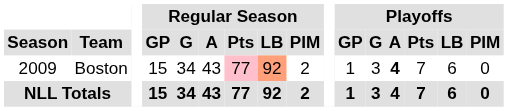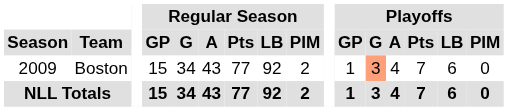 <table BORDER="0" CELLPADDING="3" CELLSPACING="0">
 <tr ALIGN="center" bgcolor="#e0e0e0">
 <th colspan="2" bgcolor="#ffffff"> </th>
 <th rowspan="99" bgcolor="#ffffff"> </th>
 <th colspan="6">Regular Season</th>
 <th rowspan="99" bgcolor="#ffffff"> </th>
 <th colspan="6">Playoffs</th>
 </tr>
 <tr ALIGN="center" bgcolor="#e0e0e0">
 <th>Season</th>
 <th>Team</th>
 <th>GP</th>
 <th>G</th>
 <th>A</th>
 <th>Pts</th>
 <th>LB</th>
 <th>PIM</th>
 <th>GP</th>
 <th>G</th>
 <th>A</th>
 <th>Pts</th>
 <th>LB</th>
 <th>PIM</th>
 </tr>
 <tr ALIGN="center">
 <td>2009</td>
 <td>Boston</td>
 <td>15</td>
 <td>34</td>
 <td>43</td>
-<td style="background: pink;">77</td>
-<td style="background: lightsalmon;">92</td>
+<td>77</td>
+<td>92</td>
 <td>2</td>
 <td>1</td>
-<td>3</td>
-<td><strong>4</strong></td>
+<td style="background: lightsalmon;">3</td>
+<td>4</td>
 <td>7</td>
 <td>6</td>
 <td>0</td>
 </tr>
 <tr ALIGN="center" bgcolor="#e0e0e0">
 <th colspan="2">NLL Totals</th>
 <th>15</th>
 <th>34</th>
 <th>43</th>
 <th>77</th>
 <th>92</th>
 <th>2</th>
 <th>1</th>
 <th>3</th>
 <th>4</th>
 <th>7</th>
 <th>6</th>
 <th>0</th>
 </tr>
 </table>
